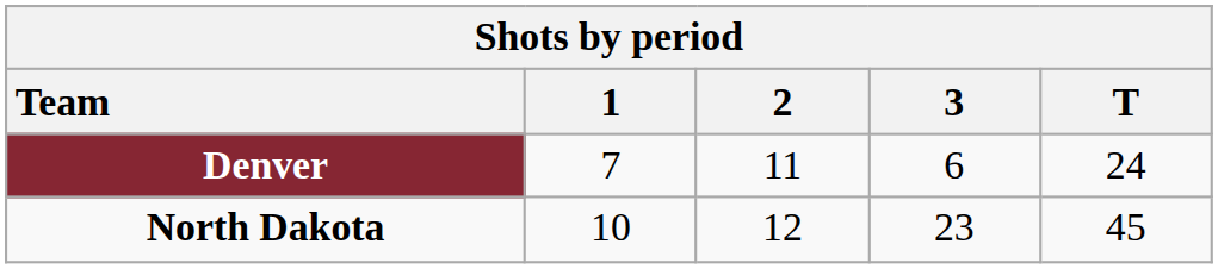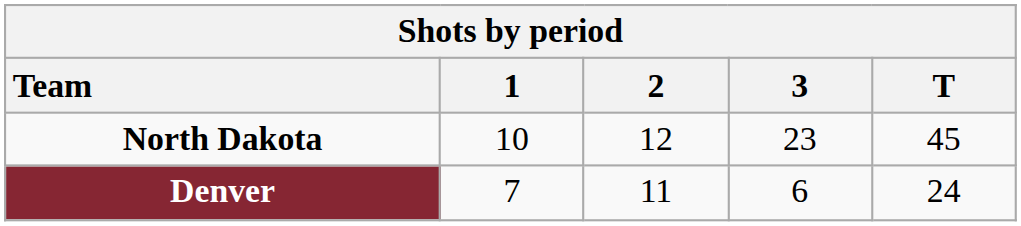 <table class="wikitable" style="width:30em; text-align:right;">
 <tr>
 <th colspan=5>Shots by period</th>
 </tr>
 <tr>
 <th style="width:10em; text-align:left;">Team</th>
 <th style="width:3em;">1</th>
 <th style="width:3em;">2</th>
 <th style="width:3em;">3</th>
 <th style="width:3em;">T</th>
 </tr>
 <tr>
+<td align=center><strong>North Dakota</strong></td>
+<td align=center>10</td>
+<td align=center>12</td>
+<td align=center>23</td>
+<td align=center>45</td>
+</tr>
+<tr>
 <td align=center style="color:white; background:#862633; "><strong>Denver</strong></td>
 <td align=center>7</td>
 <td align=center>11</td>
 <td align=center>6</td>
 <td align=center>24</td>
 </tr>
-<tr>
-<td align=center><strong>North Dakota</strong></td>
-<td align=center>10</td>
-<td align=center>12</td>
-<td align=center>23</td>
-<td align=center>45</td>
-</tr>
 </table>
